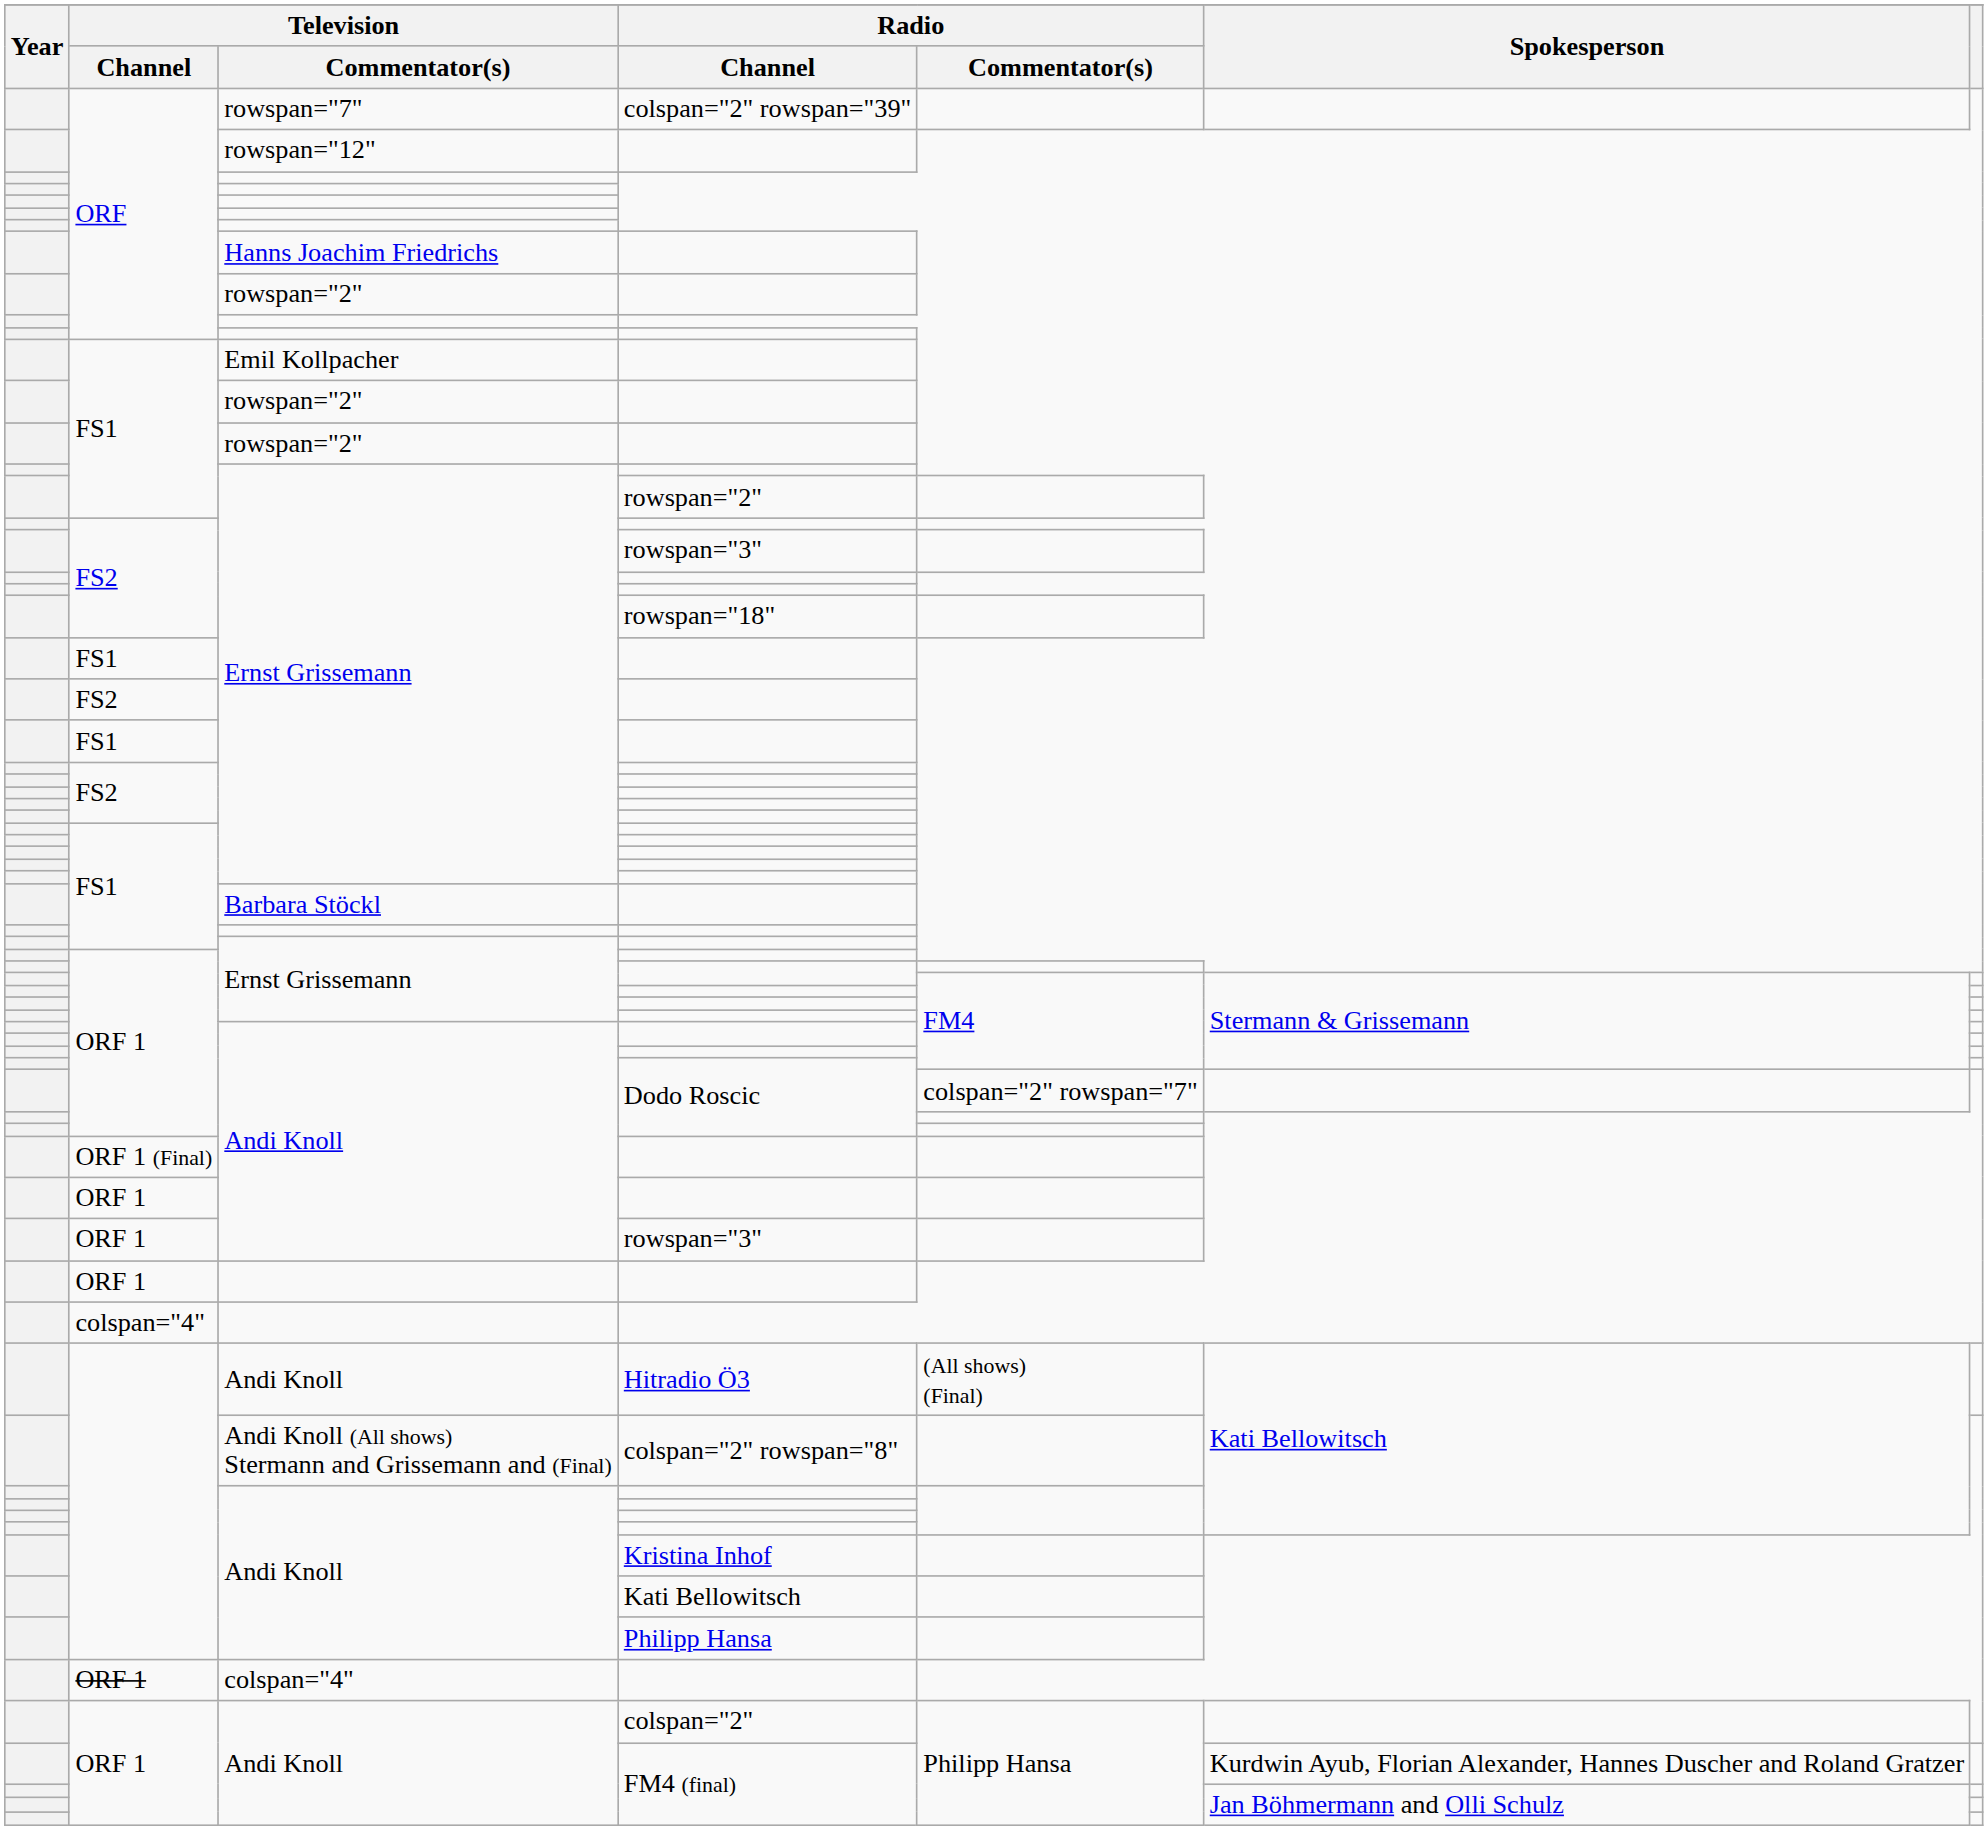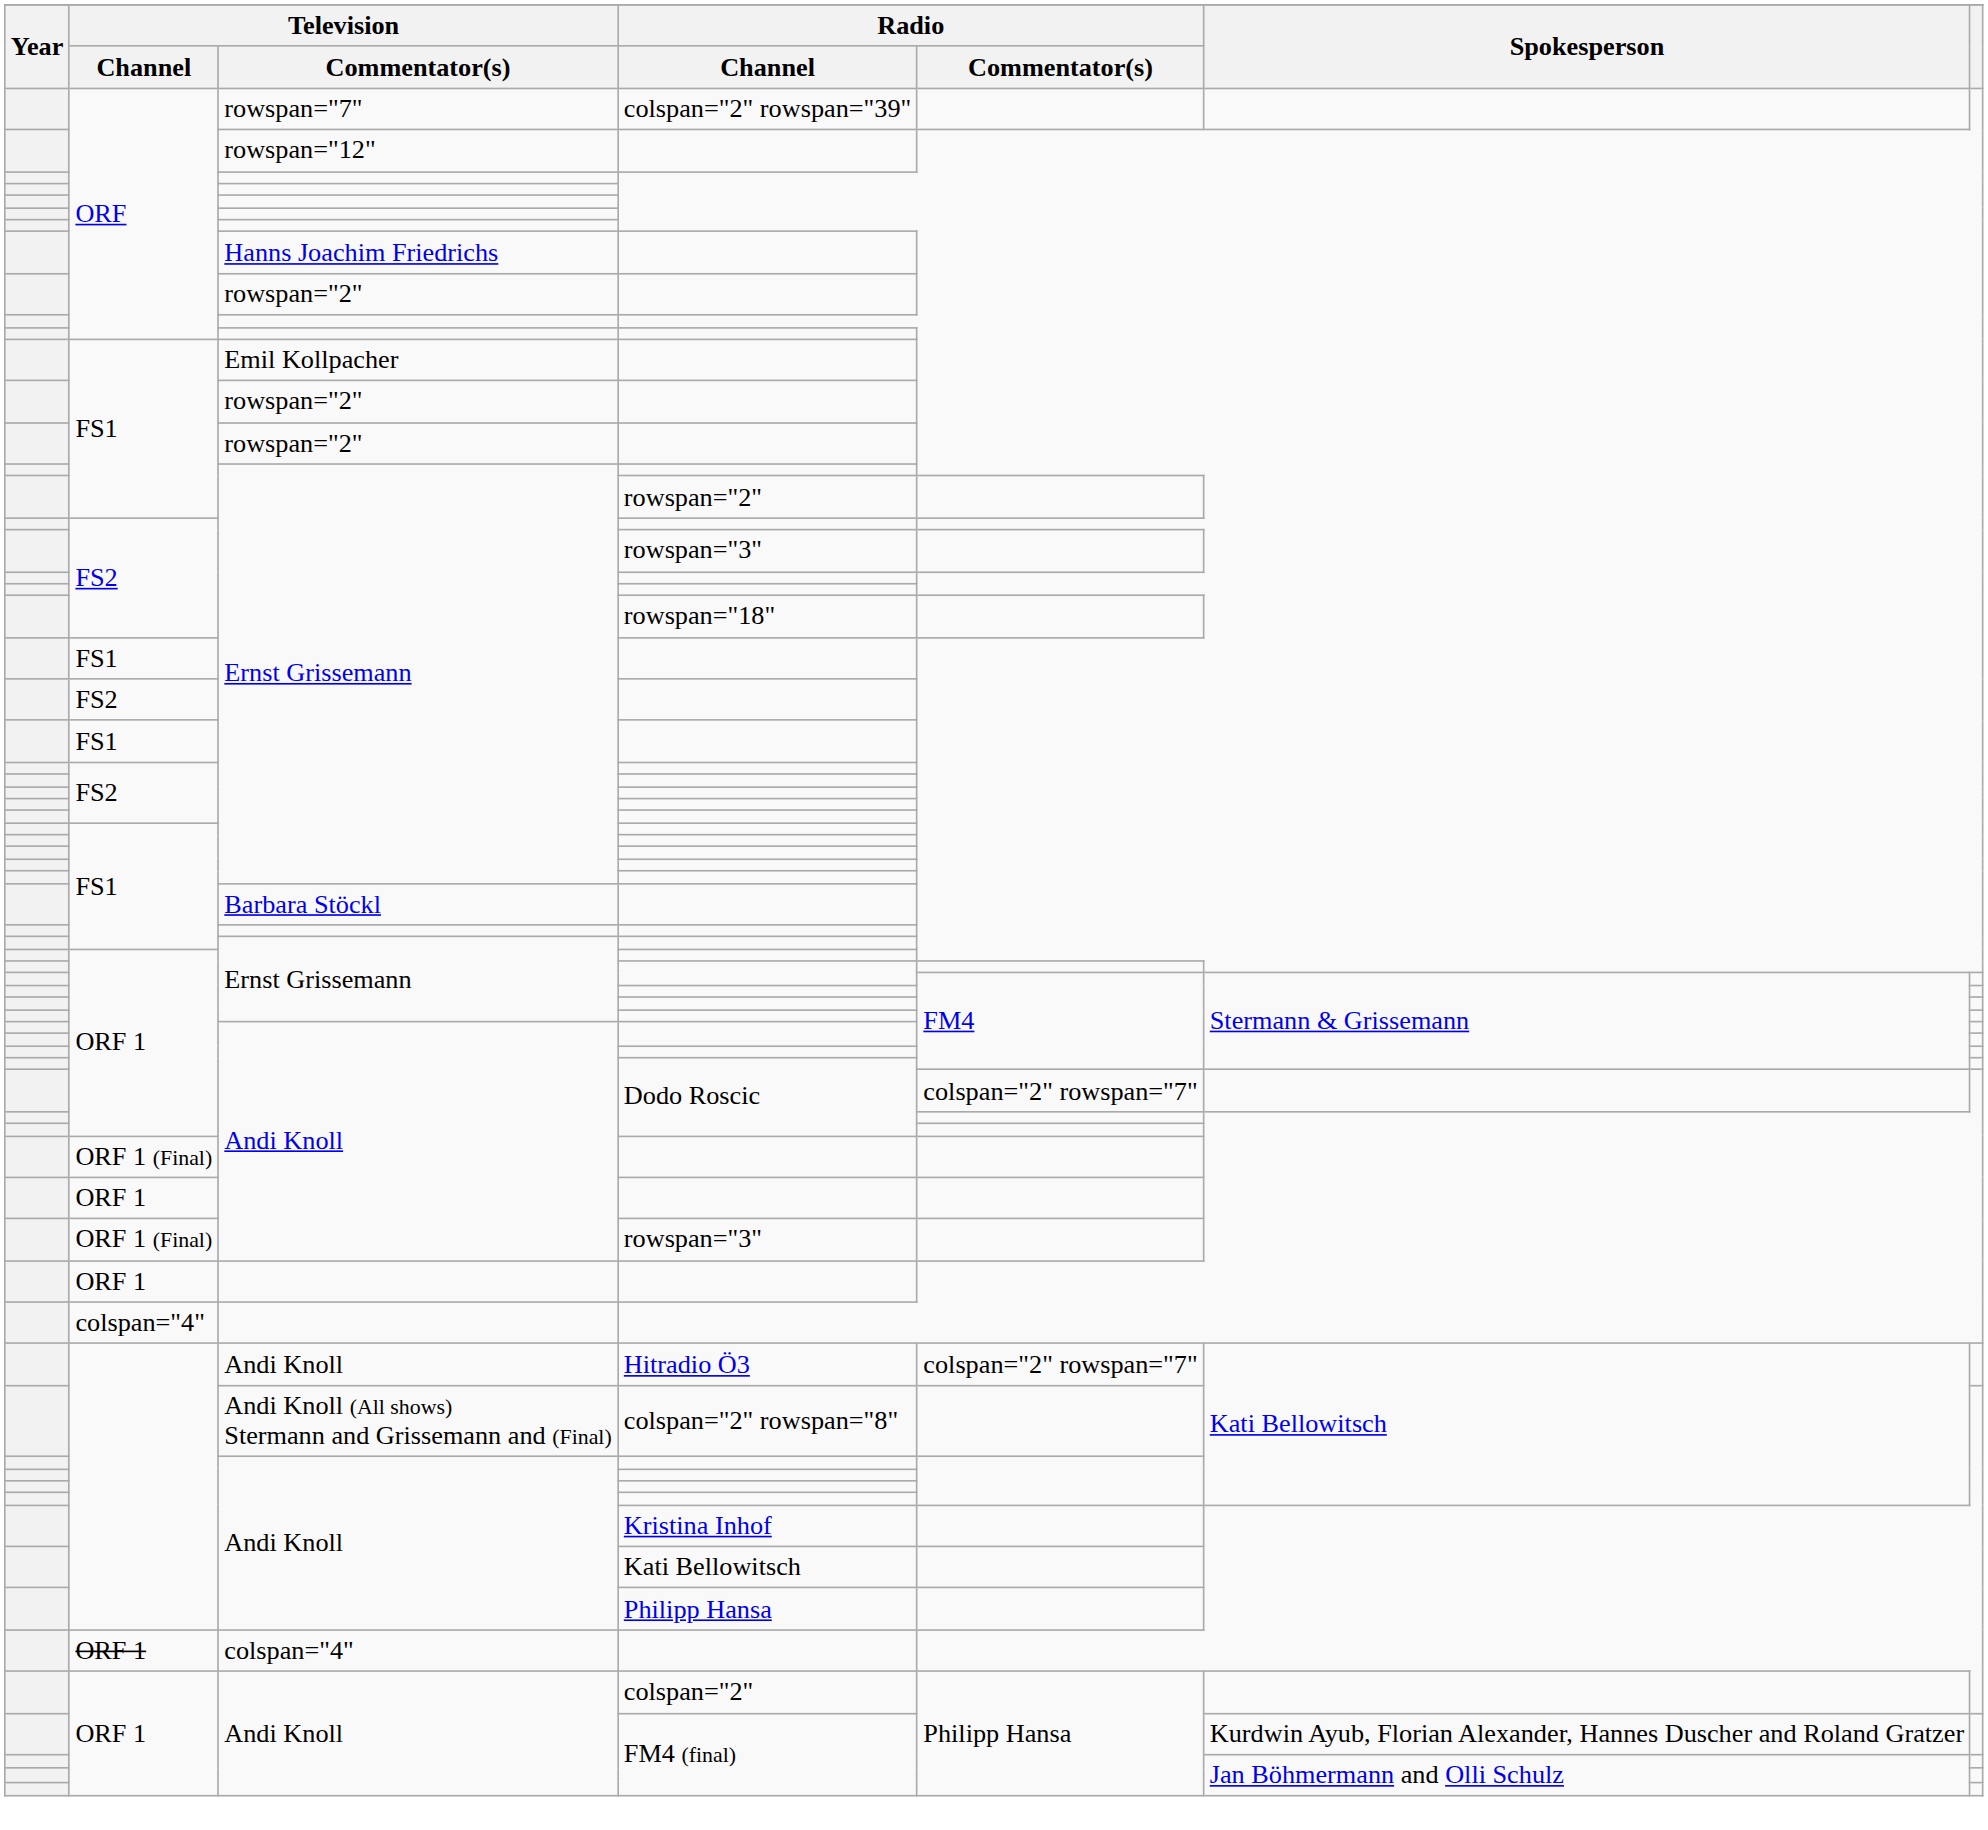 <table class="wikitable plainrowheaders sticky-header">
 <tr>
 </tr>
 <tr>
 <th rowspan="2">Year</th>
 <th colspan="2">Television</th>
 <th colspan="2">Radio</th>
 <th rowspan="2">Spokesperson</th>
 <th rowspan="2" class="unsortable"></th>
 </tr>
 <tr>
 <th>Channel</th>
 <th>Commentator(s)</th>
 <th>Channel</th>
 <th>Commentator(s)</th>
 </tr>
 <tr>
 <th scope="row"></th>
 <td rowspan="11"><a href='#'>ORF</a></td>
 <td>rowspan="7" </td>
 <td>colspan="2" rowspan="39" </td>
 <td></td>
 <td style="text-align:center"></td>
 </tr>
 <tr>
 <th scope="row"></th>
 <td>rowspan="12" </td>
 <td style="text-align:center"></td>
 </tr>
 <tr>
 <th scope="row"></th>
 <td></td>
 </tr>
 <tr>
 <th scope="row"></th>
 <td style="text-align:center"></td>
 </tr>
 <tr>
 <th scope="row"></th>
 <td style="text-align:center"></td>
 </tr>
 <tr>
 <th scope="row"></th>
 <td style="text-align:center"></td>
 </tr>
 <tr>
 <th scope="row"></th>
 <td style="text-align:center"></td>
 </tr>
 <tr>
 <th scope="row"></th>
 <td><a href='#'>Hanns Joachim Friedrichs</a></td>
 <td style="text-align:center"></td>
 </tr>
 <tr>
 <th scope="row"></th>
 <td>rowspan="2" </td>
 <td style="text-align:center"></td>
 </tr>
 <tr>
 <th scope="row"></th>
 <td style="text-align:center"></td>
 </tr>
 <tr>
 <th scope="row"></th>
 <td></td>
 <td style="text-align:center"></td>
 </tr>
 <tr>
 <th scope="row"></th>
 <td rowspan="5">FS1</td>
 <td>Emil Kollpacher</td>
 <td style="text-align:center"></td>
 </tr>
 <tr>
 <th scope="row"></th>
 <td>rowspan="2" </td>
 <td style="text-align:center"></td>
 </tr>
 <tr>
 <th scope="row"></th>
 <td>rowspan="2" </td>
 <td style="text-align:center"></td>
 </tr>
 <tr>
 <th scope="row"></th>
 <td rowspan="20"><a href='#'>Ernst Grissemann</a></td>
 <td style="text-align:center"></td>
 </tr>
 <tr>
 <th scope="row"></th>
 <td>rowspan="2" </td>
 <td style="text-align:center"></td>
 </tr>
 <tr>
 <th scope="row"></th>
 <td rowspan="5"><a href='#'>FS2</a></td>
 <td style="text-align:center"></td>
 </tr>
 <tr>
 <th scope="row"></th>
 <td>rowspan="3" </td>
 <td style="text-align:center"></td>
 </tr>
 <tr>
 <th scope="row"></th>
 <td style="text-align:center"></td>
 </tr>
 <tr>
 <th scope="row"></th>
 <td style="text-align:center"></td>
 </tr>
 <tr>
 <th scope="row"></th>
 <td>rowspan="18" </td>
 <td style="text-align:center"></td>
 </tr>
 <tr>
 <th scope="row"></th>
 <td>FS1</td>
 <td style="text-align:center"></td>
 </tr>
 <tr>
 <th scope="row"></th>
 <td>FS2</td>
 <td style="text-align:center"></td>
 </tr>
 <tr>
 <th scope="row"></th>
 <td>FS1</td>
 <td style="text-align:center"></td>
 </tr>
 <tr>
 <th scope="row"></th>
 <td rowspan="5">FS2</td>
 <td style="text-align:center"></td>
 </tr>
 <tr>
 <th scope="row"></th>
 <td style="text-align:center"></td>
 </tr>
 <tr>
 <th scope="row"></th>
 <td style="text-align:center"></td>
 </tr>
 <tr>
 <th scope="row"></th>
 <td style="text-align:center"></td>
 </tr>
 <tr>
 <th scope="row"></th>
 <td style="text-align:center"></td>
 </tr>
 <tr>
 <th scope="row"></th>
 <td rowspan="8">FS1</td>
 <td style="text-align:center"></td>
 </tr>
 <tr>
 <th scope="row"></th>
 <td style="text-align:center"></td>
 </tr>
 <tr>
 <th scope="row"></th>
 <td style="text-align:center"></td>
 </tr>
 <tr>
 <th scope="row"></th>
 <td style="text-align:center"></td>
 </tr>
 <tr>
 <th scope="row"></th>
 <td style="text-align:center"></td>
 </tr>
 <tr>
 <th scope="row"></th>
 <td><a href='#'>Barbara Stöckl</a></td>
 <td style="text-align:center"></td>
 </tr>
 <tr>
 <th scope="row"></th>
 <td></td>
 <td style="text-align:center"></td>
 </tr>
 <tr>
 <th scope="row"></th>
 <td rowspan="7">Ernst Grissemann</td>
 <td style="text-align:center"></td>
 </tr>
 <tr>
 <th scope="row"></th>
 <td rowspan="13">ORF 1</td>
 <td style="text-align:center"></td>
 </tr>
 <tr>
 <th scope="row"></th>
 <td rowspan="2"></td>
 <td style="text-align:center"></td>
 </tr>
 <tr>
 <th scope="row"></th>
 <td rowspan="8"><a href='#'>FM4</a></td>
 <td rowspan="8"><a href='#'>Stermann & Grissemann</a></td>
 <td style="text-align:center"></td>
 </tr>
 <tr>
 <th scope="row"></th>
 <td></td>
 <td style="text-align:center"></td>
 </tr>
 <tr>
 <th scope="row"></th>
 <td></td>
 <td style="text-align:center"></td>
 </tr>
 <tr>
 <th scope="row"></th>
 <td></td>
 <td style="text-align:center"></td>
 </tr>
 <tr>
 <th scope="row"></th>
 <td rowspan="10"><a href='#'>Andi Knoll</a></td>
 <td rowspan="2"></td>
 <td style="text-align:center"></td>
 </tr>
 <tr>
 <th scope="row"></th>
 <td style="text-align:center"></td>
 </tr>
 <tr>
 <th scope="row"></th>
 <td></td>
 <td style="text-align:center"></td>
 </tr>
 <tr>
 <th scope="row"></th>
 <td rowspan="4">Dodo Roscic</td>
 <td style="text-align:center"></td>
 </tr>
 <tr>
 <th scope="row"></th>
 <td>colspan="2" rowspan="7" </td>
 <td style="text-align:center"></td>
 </tr>
 <tr>
 <th scope="row"></th>
 <td style="text-align:center"></td>
 </tr>
 <tr>
 <th scope="row"></th>
 <td style="text-align:center"></td>
 </tr>
 <tr>
 <th scope="row"></th>
 <td>ORF 1 <small>(Final)</small></td>
 <td></td>
 <td style="text-align:center"></td>
 </tr>
 <tr>
 <th scope="row"></th>
 <td>ORF 1</td>
 <td></td>
 <td style="text-align:center"></td>
 </tr>
 <tr>
 <th scope="row"></th>
-<td>ORF 1</td>
+<td>ORF 1 <small>(Final)</small></td>
 <td>rowspan="3" </td>
 <td style="text-align:center"></td>
 </tr>
 <tr>
 <th scope="row"></th>
 <td>ORF 1</td>
 <td></td>
 <td style="text-align:center"></td>
 </tr>
 <tr>
 <th scope="row"></th>
 <td>colspan="4" </td>
 <td></td>
 </tr>
 <tr>
 <th scope="row"></th>
 <td rowspan="9"></td>
 <td>Andi Knoll</td>
 <td><a href='#'>Hitradio Ö3</a></td>
-<td> <small>(All shows)</small><br>  <small>(Final)</small></td>
+<td>colspan="2" rowspan="7" </td>
 <td rowspan="6"><a href='#'>Kati Bellowitsch</a></td>
 <td style="text-align:center"></td>
 </tr>
 <tr>
 <th scope="row"></th>
 <td>Andi Knoll <small>(All shows)</small><br> Stermann and Grissemann and  <small>(Final)</small></td>
 <td>colspan="2" rowspan="8" </td>
 <td style="text-align:center"></td>
 </tr>
 <tr>
 <th scope="row"></th>
 <td rowspan="7">Andi Knoll</td>
 <td style="text-align:center"></td>
 </tr>
 <tr>
 <th scope="row"></th>
 <td style="text-align:center"></td>
 </tr>
 <tr>
 <th scope="row"></th>
 <td style="text-align:center"></td>
 </tr>
 <tr>
 <th scope="row"></th>
 <td style="text-align:center"></td>
 </tr>
 <tr>
 <th scope="row"></th>
 <td><a href='#'>Kristina Inhof</a></td>
 <td style="text-align:center"></td>
 </tr>
 <tr>
 <th scope="row"></th>
 <td>Kati Bellowitsch</td>
 <td style="text-align:center"></td>
 </tr>
 <tr>
 <th scope="row"></th>
 <td><a href='#'>Philipp Hansa</a></td>
 <td style="text-align:center"></td>
 </tr>
 <tr>
 <th scope="row"></th>
 <td><s>ORF 1</s></td>
 <td>colspan="4" </td>
 <td style="text-align:center"></td>
 </tr>
 <tr>
 <th scope="row"></th>
 <td rowspan="5">ORF 1</td>
 <td rowspan="5">Andi Knoll</td>
 <td>colspan="2" </td>
 <td rowspan="5">Philipp Hansa</td>
 <td style="text-align:center"></td>
 </tr>
 <tr>
 <th scope="row"></th>
 <td rowspan="4">FM4 <small>(final)</small></td>
 <td>Kurdwin Ayub, Florian Alexander, Hannes Duscher and Roland Gratzer</td>
 <td style="text-align:center"></td>
 </tr>
 <tr>
 <th scope="row"></th>
 <td rowspan="3"><a href='#'>Jan Böhmermann</a> and <a href='#'>Olli Schulz</a></td>
 <td style="text-align:center"></td>
 </tr>
 <tr>
 <th scope="row"></th>
 <td style="text-align:center"></td>
 </tr>
 <tr>
 <th scope="row"></th>
 <td style="text-align:center"></td>
 </tr>
 </table>
